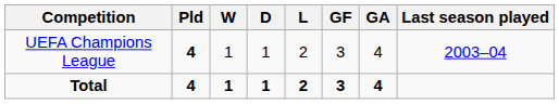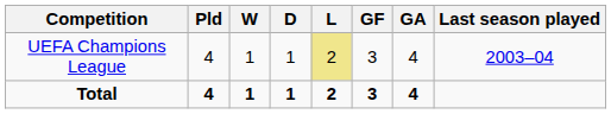 <table class="wikitable" style="text-align: center;">
 <tr>
 <th width="160">Competition</th>
 <th width="30">Pld</th>
 <th width="30">W</th>
 <th width="30">D</th>
 <th width="30">L</th>
 <th width="30">GF</th>
 <th width="30">GA</th>
 <th width="150">Last season played</th>
 </tr>
 <tr>
 <td><a href='#'>UEFA Champions League</a></td>
-<td><strong>4</strong></td>
+<td>4</td>
 <td>1</td>
 <td>1</td>
-<td>2</td>
+<td style="background: khaki;">2</td>
 <td>3</td>
 <td>4</td>
 <td><a href='#'>2003–04</a></td>
 </tr>
 <tr>
 <td><strong>Total</strong></td>
 <td><strong>4</strong></td>
 <td><strong>1</strong></td>
 <td><strong>1</strong></td>
 <td><strong>2</strong></td>
 <td><strong>3</strong></td>
 <td><strong>4</strong></td>
 </tr>
 </table>
